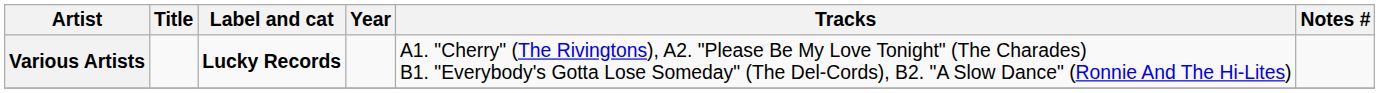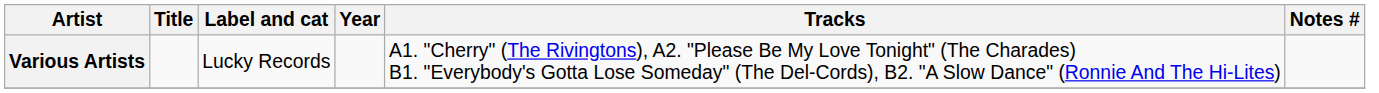 <table class="wikitable plainrowheaders sortable">
 <tr>
 <th scope="col">Artist</th>
 <th scope="col">Title</th>
 <th scope="col">Label and cat</th>
 <th scope="col">Year</th>
 <th scope="col">Tracks</th>
 <th scope="col" class="unsortable">Notes #</th>
 </tr>
 <tr>
 <th scope="row">Various Artists</th>
 <td></td>
-<td><strong>Lucky Records</strong></td>
+<td>Lucky Records</td>
 <td></td>
 <td>A1. "Cherry" (<a href='#'>The Rivingtons</a>), A2. "Please Be My Love Tonight" (The Charades)<br>B1. "Everybody's Gotta Lose Someday" (The Del-Cords), B2. "A Slow Dance" (<a href='#'>Ronnie And The Hi-Lites</a>)</td>
 <td></td>
 </tr>
 <tr>
 </tr>
 </table>
